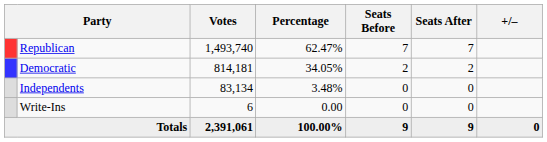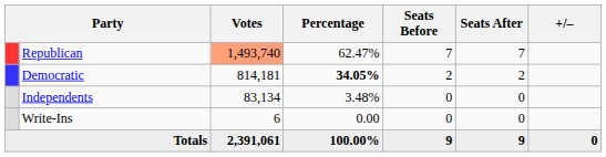 <table class="wikitable" style="font-size: 95%;">
 <tr>
 <th colspan=2 style="width: 15em">Party</th>
 <th style="width: 5em">Votes</th>
 <th style="width: 7em">Percentage</th>
 <th style="width: 5em">Seats Before</th>
 <th style="width: 5em">Seats After</th>
 <th style="width: 5em">+/–</th>
 </tr>
 <tr>
 <th style="background:#f33; width:3px;"></th>
 <td style="width: 130px"><a href='#'>Republican</a></td>
-<td style="text-align:right;">1,493,740</td>
+<td style="background: lightsalmon; text-align:right;">1,493,740</td>
 <td style="text-align:right;">62.47%</td>
 <td style="text-align:right;">7</td>
 <td style="text-align:right;">7</td>
 <td style="text-align:right;"></td>
 </tr>
 <tr>
 <th style="background:#33f; width:3px;"></th>
 <td style="width: 130px"><a href='#'>Democratic</a></td>
 <td style="text-align:right;">814,181</td>
-<td style="text-align:right;">34.05%</td>
+<td style="text-align:right;"><strong>34.05%</strong></td>
 <td style="text-align:right;">2</td>
 <td style="text-align:right;">2</td>
 <td style="text-align:right;"></td>
 </tr>
 <tr>
 <th style="background:#ddd; width:3px;"></th>
 <td style="width: 130px"><a href='#'>Independents</a></td>
 <td style="text-align:right;">83,134</td>
 <td style="text-align:right;">3.48%</td>
 <td style="text-align:right;">0</td>
 <td style="text-align:right;">0</td>
 <td style="text-align:right;"></td>
 </tr>
 <tr>
 <th style="background-color:#DDDDDD; width: 3px"></th>
 <td style="width: 130px">Write-Ins</td>
 <td align="right">6</td>
 <td align="right">0.00</td>
 <td align="right">0</td>
 <td style="text-align:right;">0</td>
 <td align="right"></td>
 </tr>
 <tr style="background:#eee; text-align:right;">
 <td colspan="2"><strong>Totals</strong></td>
 <td><strong>2,391,061</strong></td>
 <td><strong>100.00%</strong></td>
 <td><strong>9</strong></td>
 <td><strong>9</strong></td>
 <td><strong>0</strong></td>
 </tr>
 </table>
